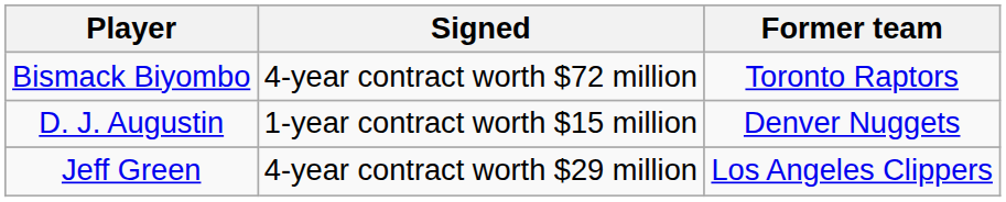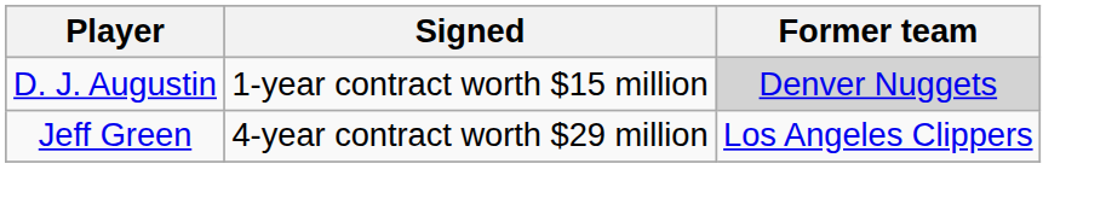 <table class="wikitable sortable sortable" style="text-align: center">
 <tr>
 <th>Player</th>
 <th>Signed</th>
 <th>Former team</th>
 </tr>
 <tr style="text-align: center">
-<td><a href='#'>Bismack Biyombo</a></td>
-<td>4-year contract worth $72 million</td>
-<td><a href='#'>Toronto Raptors</a></td>
-</tr>
-<tr style="text-align: center">
 <td><a href='#'>D. J. Augustin</a></td>
 <td>1-year contract worth $15 million</td>
-<td><a href='#'>Denver Nuggets</a></td>
+<td style="background: lightgrey;"><a href='#'>Denver Nuggets</a></td>
 </tr>
 <tr style="text-align: center">
 <td><a href='#'>Jeff Green</a></td>
 <td>4-year contract worth $29 million</td>
 <td><a href='#'>Los Angeles Clippers</a></td>
 </tr>
 </table>
